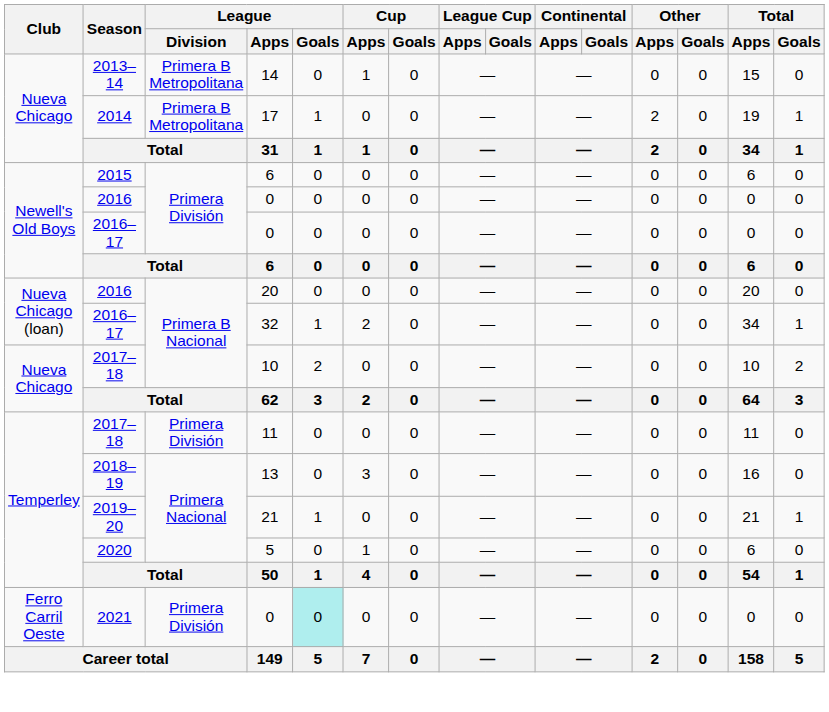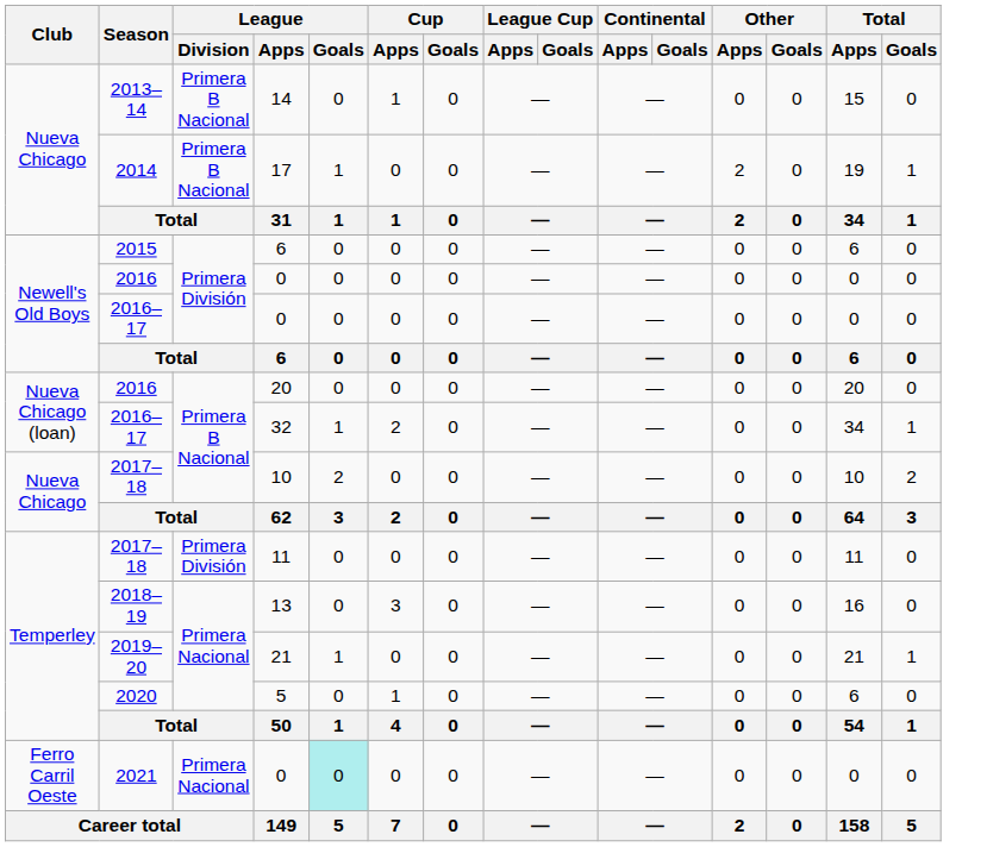 <table class="wikitable" style="text-align:center">
 <tr>
 <th rowspan="2">Club</th>
 <th rowspan="2">Season</th>
 <th colspan="3">League</th>
 <th colspan="2">Cup</th>
 <th colspan="2">League Cup</th>
 <th colspan="2">Continental</th>
 <th colspan="2">Other</th>
 <th colspan="2">Total</th>
 </tr>
 <tr>
 <th>Division</th>
 <th>Apps</th>
 <th>Goals</th>
 <th>Apps</th>
 <th>Goals</th>
 <th>Apps</th>
 <th>Goals</th>
 <th>Apps</th>
 <th>Goals</th>
 <th>Apps</th>
 <th>Goals</th>
 <th>Apps</th>
 <th>Goals</th>
 </tr>
 <tr>
 <td rowspan="3"><a href='#'>Nueva Chicago</a></td>
 <td><a href='#'>2013–14</a></td>
-<td rowspan="1"><a href='#'>Primera B Metropolitana</a></td>
+<td rowspan="1"><a href='#'>Primera B Nacional</a></td>
 <td>14</td>
 <td>0</td>
 <td>1</td>
 <td>0</td>
 <td colspan="2">—</td>
 <td colspan="2">—</td>
 <td>0</td>
 <td>0</td>
 <td>15</td>
 <td>0</td>
 </tr>
 <tr>
 <td><a href='#'>2014</a></td>
-<td rowspan="1"><a href='#'>Primera B Metropolitana</a></td>
+<td rowspan="1"><a href='#'>Primera B Nacional</a></td>
 <td>17</td>
 <td>1</td>
 <td>0</td>
 <td>0</td>
 <td colspan="2">—</td>
 <td colspan="2">—</td>
 <td>2</td>
 <td>0</td>
 <td>19</td>
 <td>1</td>
 </tr>
 <tr>
 <th colspan="2">Total</th>
 <th>31</th>
 <th>1</th>
 <th>1</th>
 <th>0</th>
 <th colspan="2">—</th>
 <th colspan="2">—</th>
 <th>2</th>
 <th>0</th>
 <th>34</th>
 <th>1</th>
 </tr>
 <tr>
 <td rowspan="4"><a href='#'>Newell's Old Boys</a></td>
 <td><a href='#'>2015</a></td>
 <td rowspan="3"><a href='#'>Primera División</a></td>
 <td>6</td>
 <td>0</td>
 <td>0</td>
 <td>0</td>
 <td colspan="2">—</td>
 <td colspan="2">—</td>
 <td>0</td>
 <td>0</td>
 <td>6</td>
 <td>0</td>
 </tr>
 <tr>
 <td><a href='#'>2016</a></td>
 <td>0</td>
 <td>0</td>
 <td>0</td>
 <td>0</td>
 <td colspan="2">—</td>
 <td colspan="2">—</td>
 <td>0</td>
 <td>0</td>
 <td>0</td>
 <td>0</td>
 </tr>
 <tr>
 <td><a href='#'>2016–17</a></td>
 <td>0</td>
 <td>0</td>
 <td>0</td>
 <td>0</td>
 <td colspan="2">—</td>
 <td colspan="2">—</td>
 <td>0</td>
 <td>0</td>
 <td>0</td>
 <td>0</td>
 </tr>
 <tr>
 <th colspan="2">Total</th>
 <th>6</th>
 <th>0</th>
 <th>0</th>
 <th>0</th>
 <th colspan="2">—</th>
 <th colspan="2">—</th>
 <th>0</th>
 <th>0</th>
 <th>6</th>
 <th>0</th>
 </tr>
 <tr>
 <td rowspan="2"><a href='#'>Nueva Chicago</a> (loan)</td>
 <td><a href='#'>2016</a></td>
 <td rowspan="3"><a href='#'>Primera B Nacional</a></td>
 <td>20</td>
 <td>0</td>
 <td>0</td>
 <td>0</td>
 <td colspan="2">—</td>
 <td colspan="2">—</td>
 <td>0</td>
 <td>0</td>
 <td>20</td>
 <td>0</td>
 </tr>
 <tr>
 <td><a href='#'>2016–17</a></td>
 <td>32</td>
 <td>1</td>
 <td>2</td>
 <td>0</td>
 <td colspan="2">—</td>
 <td colspan="2">—</td>
 <td>0</td>
 <td>0</td>
 <td>34</td>
 <td>1</td>
 </tr>
 <tr>
 <td rowspan="2"><a href='#'>Nueva Chicago</a></td>
 <td><a href='#'>2017–18</a></td>
 <td>10</td>
 <td>2</td>
 <td>0</td>
 <td>0</td>
 <td colspan="2">—</td>
 <td colspan="2">—</td>
 <td>0</td>
 <td>0</td>
 <td>10</td>
 <td>2</td>
 </tr>
 <tr>
 <th colspan="2">Total</th>
 <th>62</th>
 <th>3</th>
 <th>2</th>
 <th>0</th>
 <th colspan="2">—</th>
 <th colspan="2">—</th>
 <th>0</th>
 <th>0</th>
 <th>64</th>
 <th>3</th>
 </tr>
 <tr>
 <td rowspan="5"><a href='#'>Temperley</a></td>
 <td><a href='#'>2017–18</a></td>
 <td rowspan="1"><a href='#'>Primera División</a></td>
 <td>11</td>
 <td>0</td>
 <td>0</td>
 <td>0</td>
 <td colspan="2">—</td>
 <td colspan="2">—</td>
 <td>0</td>
 <td>0</td>
 <td>11</td>
 <td>0</td>
 </tr>
 <tr>
 <td><a href='#'>2018–19</a></td>
 <td rowspan="3"><a href='#'>Primera Nacional</a></td>
 <td>13</td>
 <td>0</td>
 <td>3</td>
 <td>0</td>
 <td colspan="2">—</td>
 <td colspan="2">—</td>
 <td>0</td>
 <td>0</td>
 <td>16</td>
 <td>0</td>
 </tr>
 <tr>
 <td><a href='#'>2019–20</a></td>
 <td>21</td>
 <td>1</td>
 <td>0</td>
 <td>0</td>
 <td colspan="2">—</td>
 <td colspan="2">—</td>
 <td>0</td>
 <td>0</td>
 <td>21</td>
 <td>1</td>
 </tr>
 <tr>
 <td><a href='#'>2020</a></td>
 <td>5</td>
 <td>0</td>
 <td>1</td>
 <td>0</td>
 <td colspan="2">—</td>
 <td colspan="2">—</td>
 <td>0</td>
 <td>0</td>
 <td>6</td>
 <td>0</td>
 </tr>
 <tr>
 <th colspan="2">Total</th>
 <th>50</th>
 <th>1</th>
 <th>4</th>
 <th>0</th>
 <th colspan="2">—</th>
 <th colspan="2">—</th>
 <th>0</th>
 <th>0</th>
 <th>54</th>
 <th>1</th>
 </tr>
 <tr>
 <td rowspan="1"><a href='#'>Ferro Carril Oeste</a></td>
 <td><a href='#'>2021</a></td>
-<td rowspan="1"><a href='#'>Primera División</a></td>
+<td rowspan="1"><a href='#'>Primera Nacional</a></td>
 <td>0</td>
 <td style="background: paleturquoise;">0</td>
 <td>0</td>
 <td>0</td>
 <td colspan="2">—</td>
 <td colspan="2">—</td>
 <td>0</td>
 <td>0</td>
 <td>0</td>
 <td>0</td>
 </tr>
 <tr>
 <th colspan="3">Career total</th>
 <th>149</th>
 <th>5</th>
 <th>7</th>
 <th>0</th>
 <th colspan="2">—</th>
 <th colspan="2">—</th>
 <th>2</th>
 <th>0</th>
 <th>158</th>
 <th>5</th>
 </tr>
 </table>
